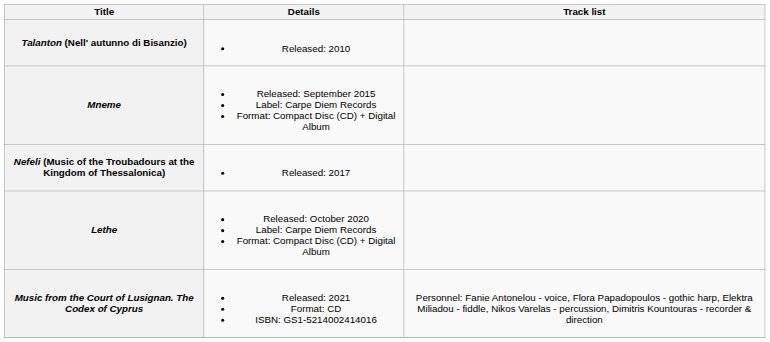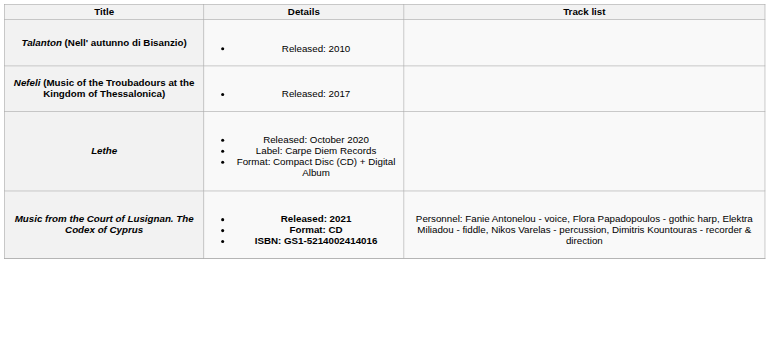 <table class="wikitable plainrowheaders" style="text-align:center;">
 <tr>
 <th scope="col" style="width:20em;">Title</th>
 <th scope="col" style="width:20em;">Details</th>
 <th scope="col">Track list</th>
 </tr>
 <tr>
 <th scope="row" style="text-align:center;"><em>Talanton</em> (Nell' autunno di Bisanzio)</th>
 <td><br><ul><li>Released: 2010</li></ul></td>
 <td></td>
-</tr>
-<tr>
-<th scope="row" style="text-align:center;"><em>Mneme</em></th>
-<td><br><ul><li>Released: September 2015</li><li>Label: Carpe Diem Records</li><li>Format: Compact Disc (CD) + Digital Album</li></ul></td>
-<td><br></td>
 </tr>
 <tr>
 <th scope="row" style="text-align:center;"><em>Nefeli</em> (Music of the Troubadours at the Kingdom of Thessalonica)</th>
 <td><br><ul><li>Released: 2017</li></ul></td>
 <td></td>
 </tr>
 <tr>
 <th scope="row" style="text-align:center;"><em>Lethe</em></th>
 <td><br><ul><li>Released: October 2020</li><li>Label: Carpe Diem Records</li><li>Format: Compact Disc (CD) + Digital Album</li></ul></td>
 <td><br></td>
 </tr>
 <tr>
 <th scope="row" style="text-align:center;"><em>Music from the Court of Lusignan. The Codex of Cyprus</em></th>
-<td><br><ul><li>Released: 2021</li><li>Format: CD</li><li>ISBN: GS1-5214002414016</li></ul></td>
+<td><strong><br><ul><li>Released: 2021</li><li>Format: CD</li><li>ISBN: GS1-5214002414016</li></ul></strong></td>
 <td><br> Personnel: Fanie Antonelou - voice, Flora Papadopoulos - gothic harp, Elektra Miliadou - fiddle, Nikos Varelas - percussion, Dimitris Kountouras - recorder & direction</td>
 </tr>
 <tr>
 </tr>
 </table>
